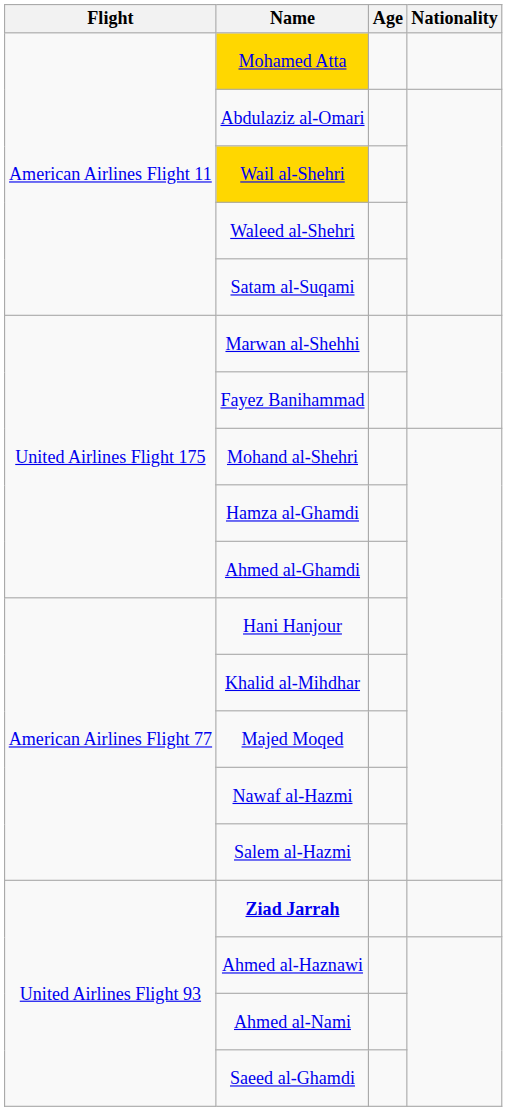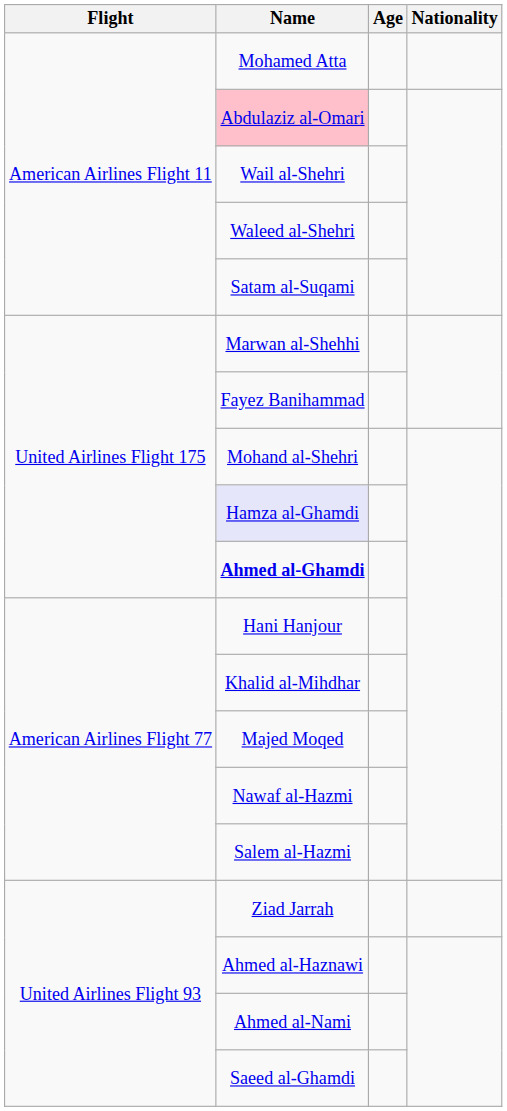 <table class="wikitable sortable" style="margin: left">
 <tr>
 <th class="unsortable">Flight</th>
 <th class="unsortable">Name</th>
 <th>Age</th>
 <th class="unsortable">Nationality</th>
 </tr>
 <tr style="vertical-align:middle; height:50px; text-align:center;">
 <td rowspan="5"><a href='#'>American Airlines Flight 11</a><br></td>
-<td style="background: gold;"><a href='#'>Mohamed Atta</a><br></td>
+<td><a href='#'>Mohamed Atta</a><br></td>
 <td></td>
 <td></td>
 </tr>
 <tr style="vertical-align:middle; height:50px; text-align:center;">
-<td><a href='#'>Abdulaziz al-Omari</a></td>
+<td style="background: pink;"><a href='#'>Abdulaziz al-Omari</a></td>
 <td></td>
 <td rowspan="4"></td>
 </tr>
 <tr style="vertical-align:middle; height:50px; text-align:center;">
-<td style="background: gold;"><a href='#'>Wail al-Shehri</a></td>
+<td><a href='#'>Wail al-Shehri</a></td>
 <td></td>
 </tr>
 <tr style="vertical-align:middle; height:50px; text-align:center;">
 <td><a href='#'>Waleed al-Shehri</a></td>
 <td></td>
 </tr>
 <tr style="vertical-align:middle; height:50px; text-align:center;">
 <td><a href='#'>Satam al-Suqami</a></td>
 <td></td>
 </tr>
 <tr style="vertical-align:middle; height:50px; text-align:center;">
 <td rowspan="5"><a href='#'>United Airlines Flight 175</a><br></td>
 <td><a href='#'>Marwan al-Shehhi</a><br></td>
 <td></td>
 <td rowspan="2"></td>
 </tr>
 <tr style="vertical-align:middle; height:50px; text-align:center;">
 <td><a href='#'>Fayez Banihammad</a></td>
 <td></td>
 </tr>
 <tr style="vertical-align:middle; height:50px; text-align:center;">
 <td><a href='#'>Mohand al-Shehri</a></td>
 <td></td>
 <td rowspan="8"></td>
 </tr>
 <tr style="vertical-align:middle; height:50px; text-align:center;">
-<td><a href='#'>Hamza al-Ghamdi</a></td>
+<td style="background: lavender;"><a href='#'>Hamza al-Ghamdi</a></td>
 <td></td>
 </tr>
 <tr style="vertical-align:middle; height:50px; text-align:center;">
-<td><a href='#'>Ahmed al-Ghamdi</a></td>
+<td><strong><a href='#'>Ahmed al-Ghamdi</a></strong></td>
 <td></td>
 </tr>
 <tr style="vertical-align:middle; height:50px; text-align:center;">
 <td rowspan="5"><a href='#'>American Airlines Flight 77</a><br></td>
 <td><a href='#'>Hani Hanjour</a><br></td>
 <td></td>
 </tr>
 <tr style="vertical-align:middle; height:50px; text-align:center;">
 <td><a href='#'>Khalid al-Mihdhar</a></td>
 <td></td>
 </tr>
 <tr style="vertical-align:middle; height:50px; text-align:center;">
 <td><a href='#'>Majed Moqed</a></td>
 <td></td>
 </tr>
 <tr style="vertical-align:middle; height:50px; text-align:center;">
 <td><a href='#'>Nawaf al-Hazmi</a></td>
 <td></td>
 </tr>
 <tr style="vertical-align:middle; height:50px; text-align:center;">
 <td><a href='#'>Salem al-Hazmi</a></td>
 <td></td>
 </tr>
 <tr style="vertical-align:middle; height:50px; text-align:center;">
 <td rowspan="5"><a href='#'>United Airlines Flight 93</a><br></td>
-<td><strong><a href='#'>Ziad Jarrah</a><br></strong></td>
+<td><a href='#'>Ziad Jarrah</a><br></td>
 <td></td>
 <td></td>
 </tr>
 <tr style="vertical-align:middle; height:50px; text-align:center;">
 <td><a href='#'>Ahmed al-Haznawi</a></td>
 <td></td>
 <td rowspan="3"></td>
 </tr>
 <tr style="vertical-align:middle; height:50px; text-align:center;">
 <td><a href='#'>Ahmed al-Nami</a></td>
 <td></td>
 </tr>
 <tr style="vertical-align:middle; height:50px; text-align:center;">
 <td><a href='#'>Saeed al-Ghamdi</a></td>
 <td></td>
 </tr>
 </table>
